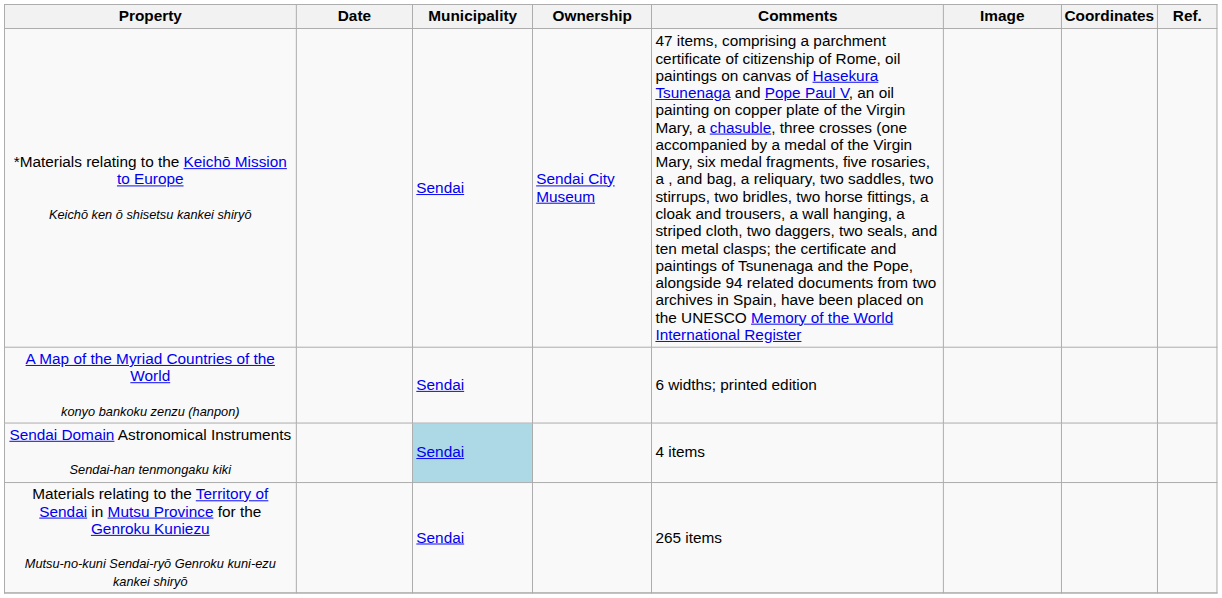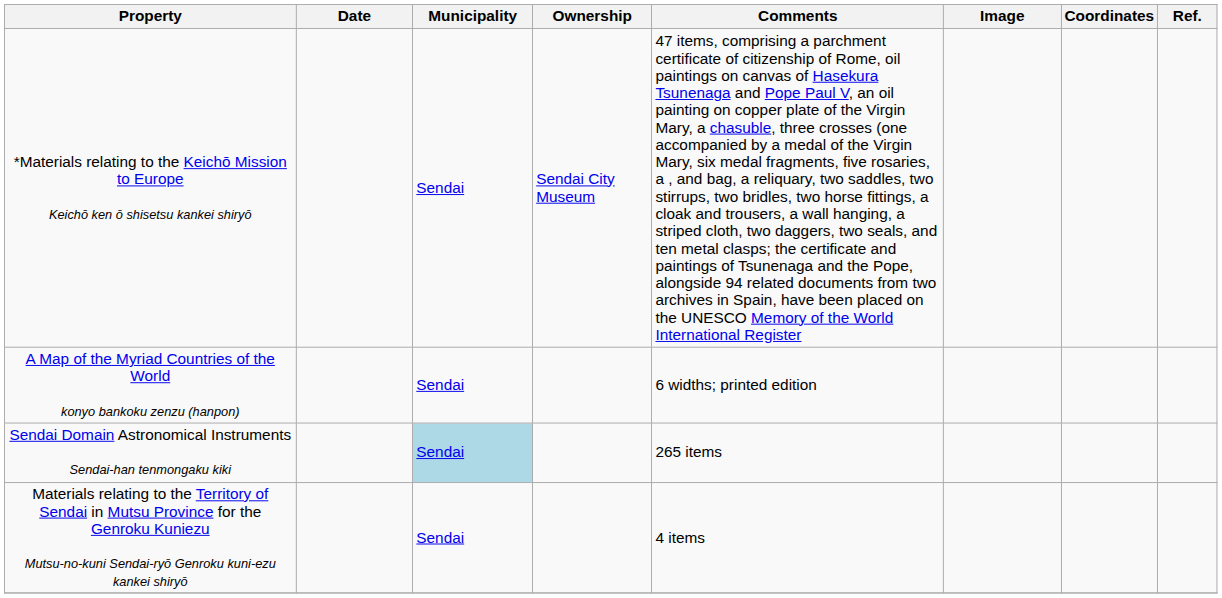 <table class="wikitable sortable"  style="width:100%;">
 <tr>
 <th width="25%" align="left">Property</th>
 <th width="10%" align="left">Date</th>
 <th width="10%" align="left">Municipality</th>
 <th width="10%" align="left">Ownership</th>
 <th width="25%" align="left" class="unsortable">Comments</th>
 <th width="10%" align="left" class="unsortable">Image</th>
 <th width="5%" align="left" class="unsortable">Coordinates</th>
 <th width="5%" align="left" class="unsortable">Ref.</th>
 </tr>
 <tr>
 <td align="center">*Materials relating to the <a href='#'>Keichō Mission to Europe</a><br><br><small><em>Keichō ken ō shisetsu kankei shiryō</em></small></td>
 <td></td>
 <td><a href='#'>Sendai</a></td>
 <td><a href='#'>Sendai City Museum</a></td>
 <td>47 items, comprising a parchment certificate of citizenship of Rome, oil paintings on canvas of <a href='#'>Hasekura Tsunenaga</a> and <a href='#'>Pope Paul V</a>, an oil painting on copper plate of the Virgin Mary, a <a href='#'>chasuble</a>, three crosses (one accompanied by a medal of the Virgin Mary, six medal fragments, five rosaries, a ,  and bag, a reliquary, two saddles, two stirrups, two bridles, two horse fittings, a cloak and trousers, a wall hanging, a striped cloth, two daggers, two seals, and ten metal clasps; the certificate and paintings of Tsunenaga and the Pope, alongside 94 related documents from two archives in Spain, have been placed on the UNESCO <a href='#'>Memory of the World International Register</a></td>
 <td>      </td>
 <td></td>
 <td></td>
 </tr>
 <tr>
 <td align="center"><a href='#'>A Map of the Myriad Countries of the World</a><br><br><small><em>konyo bankoku zenzu (hanpon)</em></small></td>
 <td></td>
 <td><a href='#'>Sendai</a></td>
 <td></td>
 <td>6 widths; printed edition</td>
 <td></td>
 <td></td>
 <td></td>
 </tr>
 <tr>
 <td align="center"><a href='#'>Sendai Domain</a> Astronomical Instruments<br><br><small><em>Sendai-han tenmongaku kiki</em></small></td>
 <td></td>
 <td style="background: lightblue;"><a href='#'>Sendai</a></td>
 <td></td>
-<td>4 items</td>
+<td>265 items</td>
 <td></td>
 <td></td>
 <td></td>
 </tr>
 <tr>
 <td align="center">Materials relating to the <a href='#'>Territory of Sendai</a> in <a href='#'>Mutsu Province</a> for the <a href='#'>Genroku Kuniezu</a><br><br><small><em>Mutsu-no-kuni Sendai-ryō Genroku kuni-ezu kankei shiryō</em></small></td>
 <td></td>
 <td><a href='#'>Sendai</a></td>
 <td></td>
-<td>265 items</td>
+<td>4 items</td>
 <td></td>
 <td></td>
 <td></td>
 </tr>
 <tr>
 </tr>
 </table>
